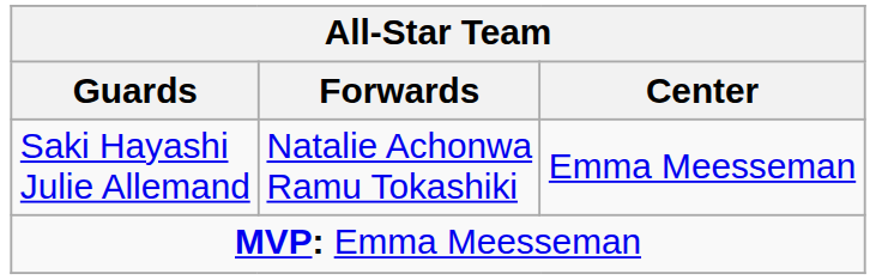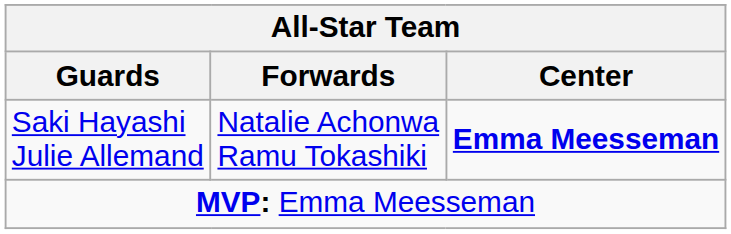 <table class=wikitable style="margin:auto">
 <tr>
 <th colspan=3 align=center>All-Star Team</th>
 </tr>
 <tr>
 <th>Guards</th>
 <th>Forwards</th>
 <th>Center</th>
 </tr>
 <tr>
 <td> <a href='#'>Saki Hayashi</a><br> <a href='#'>Julie Allemand</a></td>
 <td valign=center> <a href='#'>Natalie Achonwa</a><br> <a href='#'>Ramu Tokashiki</a></td>
-<td> <a href='#'>Emma Meesseman</a></td>
+<td><strong> <a href='#'>Emma Meesseman</a></strong></td>
 </tr>
 <tr>
 <td colspan=3 align=center><strong><a href='#'>MVP</a>:</strong>  <a href='#'>Emma Meesseman</a></td>
 </tr>
 </table>
